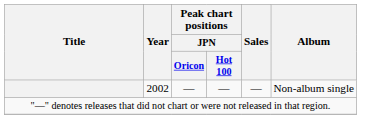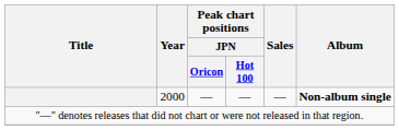 <table class="wikitable plainrowheaders" style="text-align:center;">
 <tr>
 <th scope="col" rowspan="3" style="width:12em;">Title</th>
 <th scope="col" rowspan="3">Year</th>
 <th scope="col" colspan="2">Peak chart positions</th>
 <th scope="col" rowspan="3">Sales</th>
 <th scope="col" rowspan="3">Album</th>
 </tr>
 <tr>
 <th scope="col" style="width:3em;font-size:90%;" colspan="2">JPN</th>
 </tr>
 <tr>
 <th scope="col" style="width:3em;font-size:90%;"><a href='#'>Oricon</a></th>
 <th scope="col" style="width:3em;font-size:90%;"><a href='#'>Hot 100</a></th>
 </tr>
 <tr>
 <th scope="row"><br></th>
-<td>2002</td>
+<td>2000</td>
 <td>—</td>
 <td>—</td>
 <td>—</td>
-<td>Non-album single</td>
+<td><strong>Non-album single</strong></td>
 </tr>
 <tr>
 <td colspan="6" style="font-size:90%;">"—" denotes releases that did not chart or were not released in that region.</td>
 </tr>
 <tr>
 </tr>
 </table>
